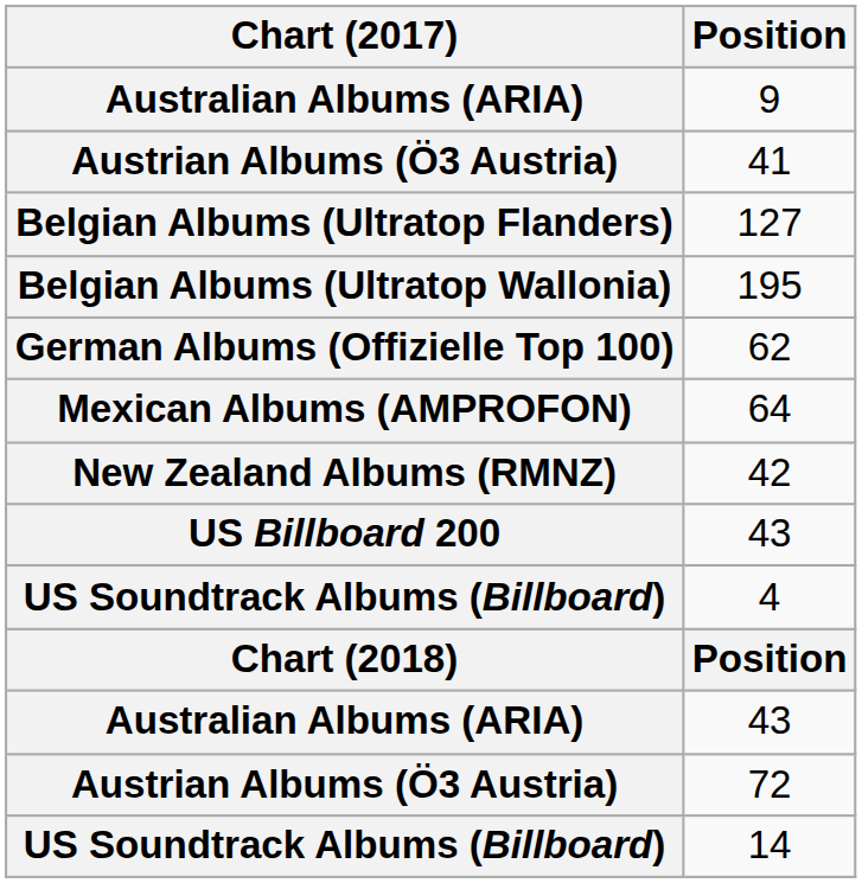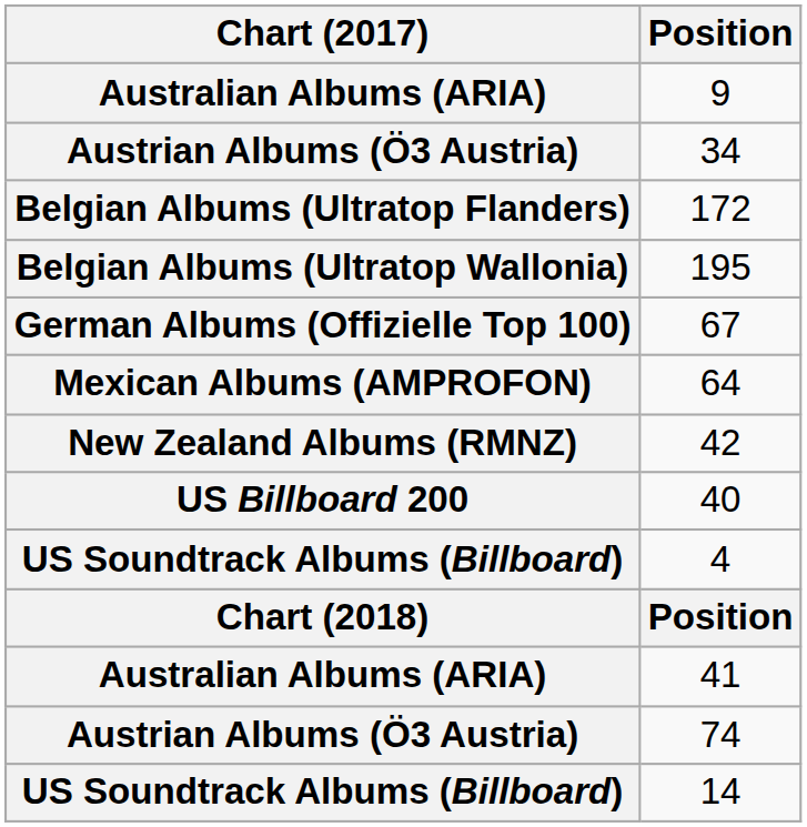 <table class="wikitable sortable plainrowheaders" style="text-align:center">
 <tr>
 <th scope="col">Chart (2017)</th>
 <th scope="col">Position</th>
 </tr>
 <tr>
 <th scope="row">Australian Albums (ARIA)</th>
 <td>9</td>
 </tr>
 <tr>
 <th scope="row">Austrian Albums (Ö3 Austria)</th>
-<td>41</td>
+<td>34</td>
 </tr>
 <tr>
 <th scope="row">Belgian Albums (Ultratop Flanders)</th>
-<td>127</td>
+<td>172</td>
 </tr>
 <tr>
 <th scope="row">Belgian Albums (Ultratop Wallonia)</th>
 <td>195</td>
 </tr>
 <tr>
 <th scope="row">German Albums (Offizielle Top 100)</th>
-<td>62</td>
+<td>67</td>
 </tr>
 <tr>
 <th scope="row">Mexican Albums (AMPROFON)</th>
 <td>64</td>
 </tr>
 <tr>
 <th scope="row">New Zealand Albums (RMNZ)</th>
 <td>42</td>
 </tr>
 <tr>
 <th scope="row">US <em>Billboard</em> 200</th>
-<td>43</td>
+<td>40</td>
 </tr>
 <tr>
 <th scope="row">US Soundtrack Albums (<em>Billboard</em>)</th>
 <td>4</td>
 </tr>
 <tr>
 <th scope="col">Chart (2018)</th>
 <th scope="col">Position</th>
 </tr>
 <tr>
 <th scope="row">Australian Albums (ARIA)</th>
-<td>43</td>
+<td>41</td>
 </tr>
 <tr>
 <th scope="row">Austrian Albums (Ö3 Austria)</th>
-<td>72</td>
+<td>74</td>
 </tr>
 <tr>
 <th scope="row">US Soundtrack Albums (<em>Billboard</em>)</th>
 <td>14</td>
 </tr>
 </table>
